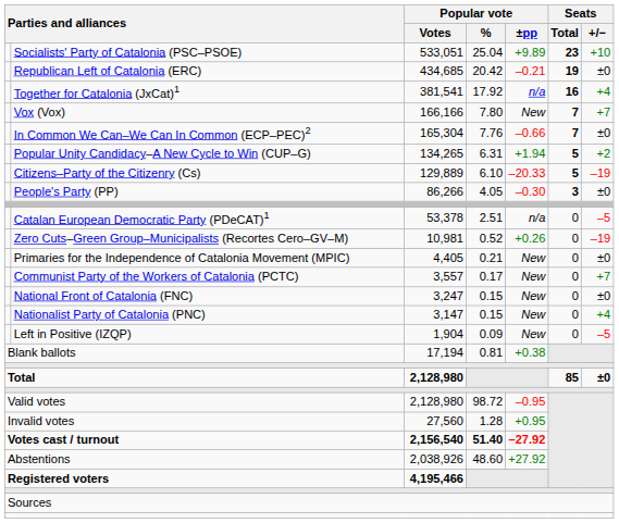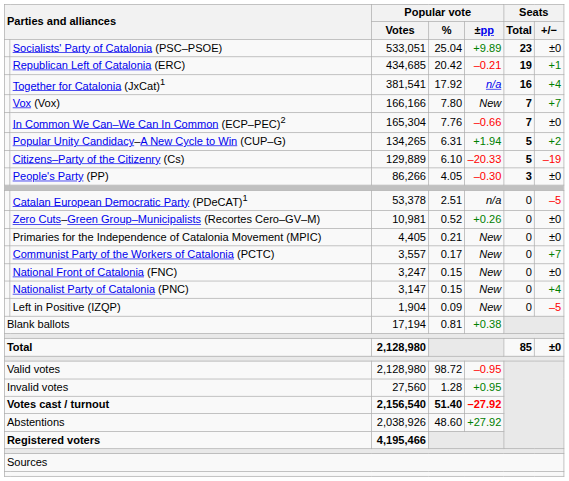 <table class="wikitable" style="text-align:right;">
 <tr>
 <th style="text-align:left;" rowspan="2" colspan="2" width="525">Parties and alliances</th>
 <th colspan="3">Popular vote</th>
 <th colspan="2">Seats</th>
 </tr>
 <tr>
 <th width="75">Votes</th>
 <th width="45">%</th>
 <th width="45">±<a href='#'>pp</a></th>
 <th width="35">Total</th>
 <th width="35">+/−</th>
 </tr>
 <tr>
 <td width="1" style="color:inherit;background:"></td>
 <td align="left"><a href='#'>Socialists' Party of Catalonia</a> (PSC–PSOE)</td>
 <td>533,051</td>
 <td>25.04</td>
 <td style="color:green;">+9.89</td>
 <td><strong>23</strong></td>
-<td style="color:green;">+10</td>
+<td>±0</td>
 </tr>
 <tr>
 <td style="color:inherit;background:"></td>
 <td align="left"><a href='#'>Republican Left of Catalonia</a> (ERC)</td>
 <td>434,685</td>
 <td>20.42</td>
 <td style="color:red;">–0.21</td>
 <td><strong>19</strong></td>
-<td>±0</td>
+<td style="color:green;">+1</td>
 </tr>
 <tr>
 <td style="color:inherit;background:"></td>
 <td align="left"><a href='#'>Together for Catalonia</a> (JxCat)<sup>1</sup></td>
 <td>381,541</td>
 <td>17.92</td>
 <td><em><a href='#'>n/a</a></em></td>
 <td><strong>16</strong></td>
 <td style="color:green;">+4</td>
 </tr>
 <tr>
 <td style="color:inherit;background:"></td>
 <td align="left"><a href='#'>Vox</a> (Vox)</td>
 <td>166,166</td>
 <td>7.80</td>
 <td><em>New</em></td>
 <td><strong>7</strong></td>
 <td style="color:green;">+7</td>
 </tr>
 <tr>
 <td style="color:inherit;background:"></td>
 <td align="left"><a href='#'>In Common We Can–We Can In Common</a> (ECP–PEC)<sup>2</sup></td>
 <td>165,304</td>
 <td>7.76</td>
 <td style="color:red;">–0.66</td>
 <td><strong>7</strong></td>
 <td>±0</td>
 </tr>
 <tr>
 <td style="color:inherit;background:"></td>
 <td align="left"><a href='#'>Popular Unity Candidacy</a>–<a href='#'>A New Cycle to Win</a> (CUP–G)</td>
 <td>134,265</td>
 <td>6.31</td>
 <td style="color:green;">+1.94</td>
 <td><strong>5</strong></td>
 <td style="color:green;">+2</td>
 </tr>
 <tr>
 <td style="color:inherit;background:"></td>
 <td align="left"><a href='#'>Citizens–Party of the Citizenry</a> (Cs)</td>
 <td>129,889</td>
 <td>6.10</td>
 <td style="color:red;">–20.33</td>
 <td><strong>5</strong></td>
 <td style="color:red;">–19</td>
 </tr>
 <tr>
 <td style="color:inherit;background:"></td>
 <td align="left"><a href='#'>People's Party</a> (PP)</td>
 <td>86,266</td>
 <td>4.05</td>
 <td style="color:red;">–0.30</td>
 <td><strong>3</strong></td>
 <td>±0</td>
 </tr>
 <tr>
 <td colspan="7" bgcolor="#C0C0C0"></td>
 </tr>
 <tr>
 <td style="color:inherit;background:"></td>
 <td align="left"><a href='#'>Catalan European Democratic Party</a> (PDeCAT)<sup>1</sup></td>
 <td>53,378</td>
 <td>2.51</td>
 <td><em>n/a</em></td>
 <td>0</td>
 <td style="color:red;">–5</td>
 </tr>
 <tr>
 <td style="color:inherit;background:"></td>
 <td align="left"><a href='#'>Zero Cuts</a>–<a href='#'>Green Group–Municipalists</a> (Recortes Cero–GV–M)</td>
 <td>10,981</td>
 <td>0.52</td>
 <td style="color:green;">+0.26</td>
 <td>0</td>
-<td style="color:red;">–19</td>
+<td>±0</td>
 </tr>
 <tr>
 <td style="color:inherit;background:"></td>
 <td align="left">Primaries for the Independence of Catalonia Movement (MPIC)</td>
 <td>4,405</td>
 <td>0.21</td>
 <td><em>New</em></td>
 <td>0</td>
 <td>±0</td>
 </tr>
 <tr>
 <td style="color:inherit;background:"></td>
 <td align="left"><a href='#'>Communist Party of the Workers of Catalonia</a> (PCTC)</td>
 <td>3,557</td>
 <td>0.17</td>
 <td><em>New</em></td>
 <td>0</td>
 <td style="color:green;">+7</td>
 </tr>
 <tr>
 <td style="color:inherit;background:"></td>
 <td align="left"><a href='#'>National Front of Catalonia</a> (FNC)</td>
 <td>3,247</td>
 <td>0.15</td>
 <td><em>New</em></td>
 <td>0</td>
 <td>±0</td>
 </tr>
 <tr>
 <td style="color:inherit;background:"></td>
 <td align="left"><a href='#'>Nationalist Party of Catalonia</a> (PNC)</td>
 <td>3,147</td>
 <td>0.15</td>
 <td><em>New</em></td>
 <td>0</td>
 <td style="color:green;">+4</td>
 </tr>
 <tr>
 <td style="color:inherit;background:"></td>
 <td align="left">Left in Positive (IZQP)</td>
 <td>1,904</td>
 <td>0.09</td>
 <td><em>New</em></td>
 <td>0</td>
 <td style="color:red;">–5</td>
 </tr>
 <tr>
 <td align="left" colspan="2">Blank ballots</td>
 <td>17,194</td>
 <td>0.81</td>
 <td style="color:green;">+0.38</td>
 <td bgcolor="#E9E9E9" colspan="2"></td>
 </tr>
 <tr>
 <td colspan="7" bgcolor="#E9E9E9"></td>
 </tr>
 <tr style="font-weight:bold;">
 <td align="left" colspan="2">Total</td>
 <td>2,128,980</td>
 <td bgcolor="#E9E9E9" colspan="2"></td>
 <td>85</td>
 <td>±0</td>
 </tr>
 <tr>
 <td colspan="7" bgcolor="#E9E9E9"></td>
 </tr>
 <tr>
 <td align="left" colspan="2">Valid votes</td>
 <td>2,128,980</td>
 <td>98.72</td>
 <td style="color:red;">–0.95</td>
 <td bgcolor="#E9E9E9" colspan="2" rowspan="5"></td>
 </tr>
 <tr>
 <td align="left" colspan="2">Invalid votes</td>
 <td>27,560</td>
 <td>1.28</td>
 <td style="color:green;">+0.95</td>
 </tr>
 <tr style="font-weight:bold;">
 <td align="left" colspan="2">Votes cast / turnout</td>
 <td>2,156,540</td>
 <td>51.40</td>
 <td style="color:red;">–27.92</td>
 </tr>
 <tr>
 <td align="left" colspan="2">Abstentions</td>
 <td>2,038,926</td>
 <td>48.60</td>
 <td style="color:green;">+27.92</td>
 </tr>
 <tr style="font-weight:bold;">
 <td align="left" colspan="2">Registered voters</td>
 <td>4,195,466</td>
 <td bgcolor="#E9E9E9" colspan="2"></td>
 </tr>
 <tr>
 <td colspan="7" bgcolor="#E9E9E9"></td>
 </tr>
 <tr>
 <td align="left" colspan="7">Sources</td>
 </tr>
 <tr>
 <td colspan="7" style="text-align:left; max-width:790px;"></td>
 </tr>
 </table>
